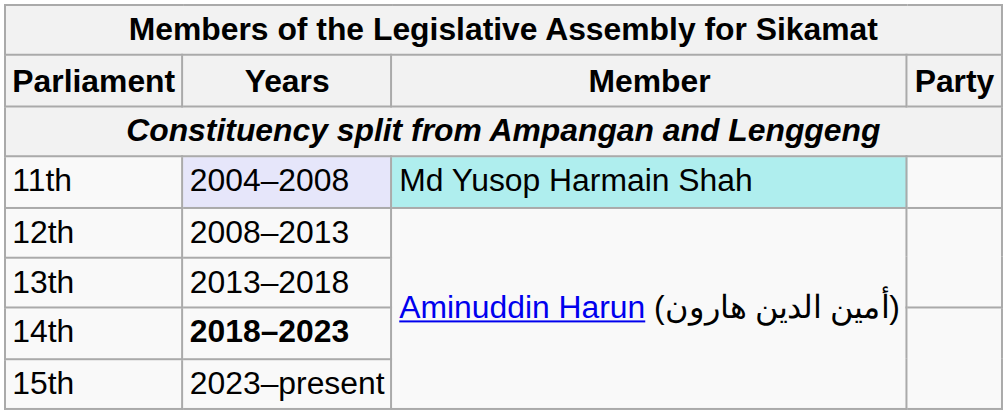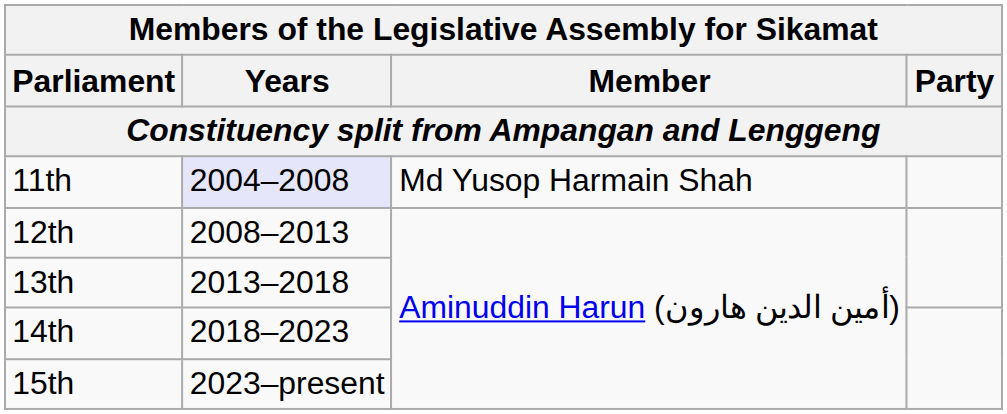 <table class="wikitable">
 <tr>
 <th colspan="4">Members of the Legislative Assembly for Sikamat</th>
 </tr>
 <tr>
 <th>Parliament</th>
 <th>Years</th>
 <th>Member</th>
 <th>Party</th>
 </tr>
 <tr>
 <th colspan="4"><em>Constituency split from Ampangan and Lenggeng</em></th>
 </tr>
 <tr>
 <td>11th</td>
 <td style="background: lavender;">2004–2008</td>
-<td style="background: paleturquoise;">Md Yusop Harmain Shah</td>
+<td>Md Yusop Harmain Shah</td>
 <td></td>
 </tr>
 <tr>
 <td>12th</td>
 <td>2008–2013</td>
 <td rowspan="4"><a href='#'>Aminuddin Harun</a> (أمين الدين هارون)</td>
 <td rowspan="2"></td>
 </tr>
 <tr>
 <td>13th</td>
 <td>2013–2018</td>
 </tr>
 <tr>
 <td>14th</td>
-<td><strong>2018–2023</strong></td>
+<td>2018–2023</td>
 <td rowspan="2"></td>
 </tr>
 <tr>
 <td>15th</td>
 <td>2023–present</td>
 </tr>
 </table>
